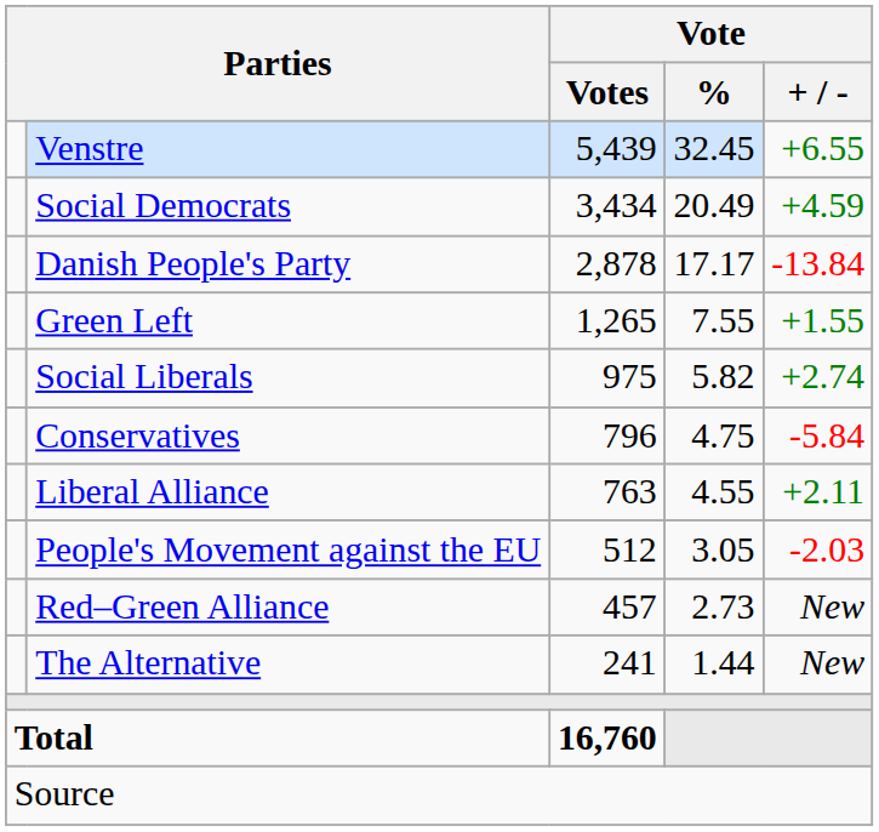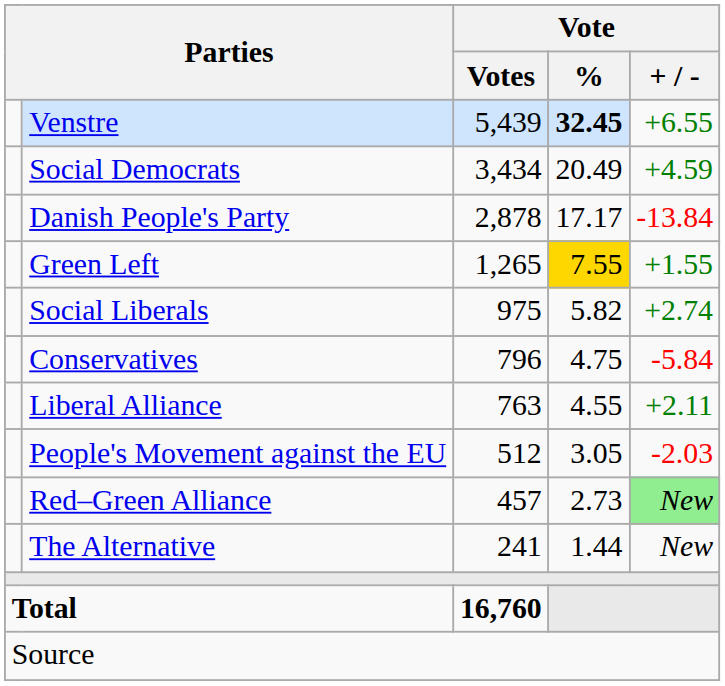 <table class="wikitable" style="text-align:right;">
 <tr>
 <th style="text-align:centre;" rowspan="2" colspan="2" width="225">Parties</th>
 <th colspan="3">Vote</th>
 </tr>
 <tr>
 <th width="15">Votes</th>
 <th width="15">%</th>
 <th width="15">+ / -</th>
 </tr>
 <tr>
 <td width="2" style="color:inherit;background:"></td>
 <td bgcolor=#cfe5fe   align="left"><a href='#'>Venstre</a></td>
 <td bgcolor=#cfe5fe>5,439</td>
-<td bgcolor=#cfe5fe>32.45</td>
+<td bgcolor=#cfe5fe><strong>32.45</strong></td>
 <td style=color:green;>+6.55</td>
 </tr>
 <tr>
 <td width="2" style="color:inherit;background:"></td>
 <td align="left"><a href='#'>Social Democrats</a></td>
 <td>3,434</td>
 <td>20.49</td>
 <td style=color:green;>+4.59</td>
 </tr>
 <tr>
 <td width="2" style="color:inherit;background:"></td>
 <td align="left"><a href='#'>Danish People's Party</a></td>
 <td>2,878</td>
 <td>17.17</td>
 <td style=color:red;>-13.84</td>
 </tr>
 <tr>
 <td width="2" style="color:inherit;background:"></td>
 <td align="left"><a href='#'>Green Left</a></td>
 <td>1,265</td>
-<td>7.55</td>
+<td style="background: gold;">7.55</td>
 <td style=color:green;>+1.55</td>
 </tr>
 <tr>
 <td width="2" style="color:inherit;background:"></td>
 <td align="left"><a href='#'>Social Liberals</a></td>
 <td>975</td>
 <td>5.82</td>
 <td style=color:green;>+2.74</td>
 </tr>
 <tr>
 <td width="2" style="color:inherit;background:"></td>
 <td align="left"><a href='#'>Conservatives</a></td>
 <td>796</td>
 <td>4.75</td>
 <td style=color:red;>-5.84</td>
 </tr>
 <tr>
 <td width="2" style="color:inherit;background:"></td>
 <td align="left"><a href='#'>Liberal Alliance</a></td>
 <td>763</td>
 <td>4.55</td>
 <td style=color:green;>+2.11</td>
 </tr>
 <tr>
 <td width="2" style="color:inherit;background:"></td>
 <td align="left"><a href='#'>People's Movement against the EU</a></td>
 <td>512</td>
 <td>3.05</td>
 <td style=color:red;>-2.03</td>
 </tr>
 <tr>
 <td width="2" style="color:inherit;background:"></td>
 <td align="left"><a href='#'>Red–Green Alliance</a></td>
 <td>457</td>
 <td>2.73</td>
-<td><em>New</em></td>
+<td style="background: lightgreen;"><em>New</em></td>
 </tr>
 <tr>
 <td width="2" style="color:inherit;background:"></td>
 <td align="left"><a href='#'>The Alternative</a></td>
 <td>241</td>
 <td>1.44</td>
 <td><em>New</em></td>
 </tr>
 <tr>
 <td colspan="7" bgcolor="#E9E9E9"></td>
 </tr>
 <tr>
 <td align="left" colspan="2"><strong>Total</strong></td>
 <td><strong>16,760</strong></td>
 <td bgcolor="#E9E9E9" colspan="2"></td>
 </tr>
 <tr>
 <td align="left" colspan="6">Source</td>
 </tr>
 </table>
